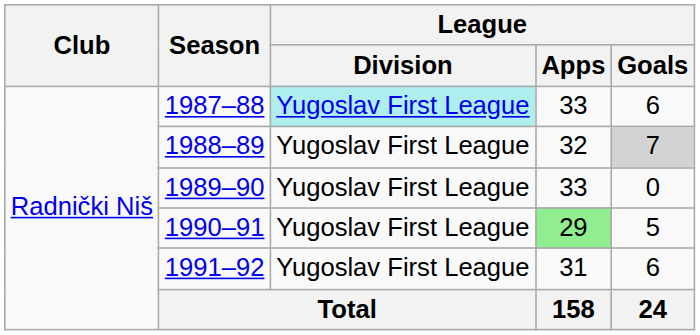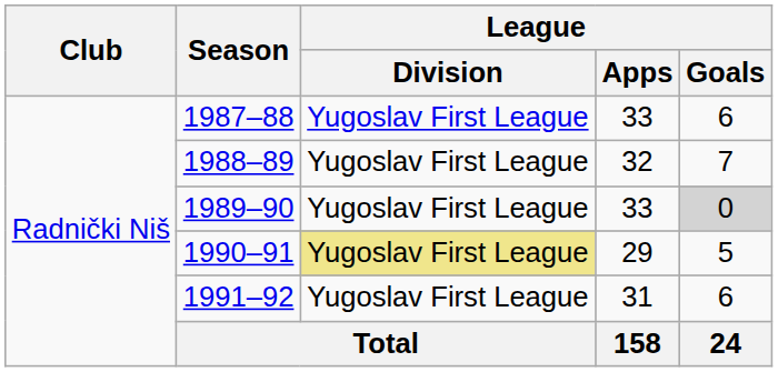 <table class="wikitable" style="text-align:center">
 <tr>
 <th rowspan="2">Club</th>
 <th rowspan="2">Season</th>
 <th colspan="3">League</th>
 </tr>
 <tr>
 <th>Division</th>
 <th>Apps</th>
 <th>Goals</th>
 </tr>
 <tr>
 <td rowspan="6"><a href='#'>Radnički Niš</a></td>
 <td><a href='#'>1987–88</a></td>
-<td style="background: paleturquoise;"><a href='#'>Yugoslav First League</a></td>
+<td><a href='#'>Yugoslav First League</a></td>
 <td>33</td>
 <td>6</td>
 </tr>
 <tr>
 <td><a href='#'>1988–89</a></td>
 <td>Yugoslav First League</td>
 <td>32</td>
-<td style="background: lightgrey;">7</td>
+<td>7</td>
 </tr>
 <tr>
 <td><a href='#'>1989–90</a></td>
 <td>Yugoslav First League</td>
 <td>33</td>
-<td>0</td>
+<td style="background: lightgrey;">0</td>
 </tr>
 <tr>
 <td><a href='#'>1990–91</a></td>
-<td>Yugoslav First League</td>
-<td style="background: lightgreen;">29</td>
+<td style="background: khaki;">Yugoslav First League</td>
+<td>29</td>
 <td>5</td>
 </tr>
 <tr>
 <td><a href='#'>1991–92</a></td>
 <td>Yugoslav First League</td>
 <td>31</td>
 <td>6</td>
 </tr>
 <tr>
 <th colspan="2">Total</th>
 <th>158</th>
 <th>24</th>
 </tr>
 </table>
